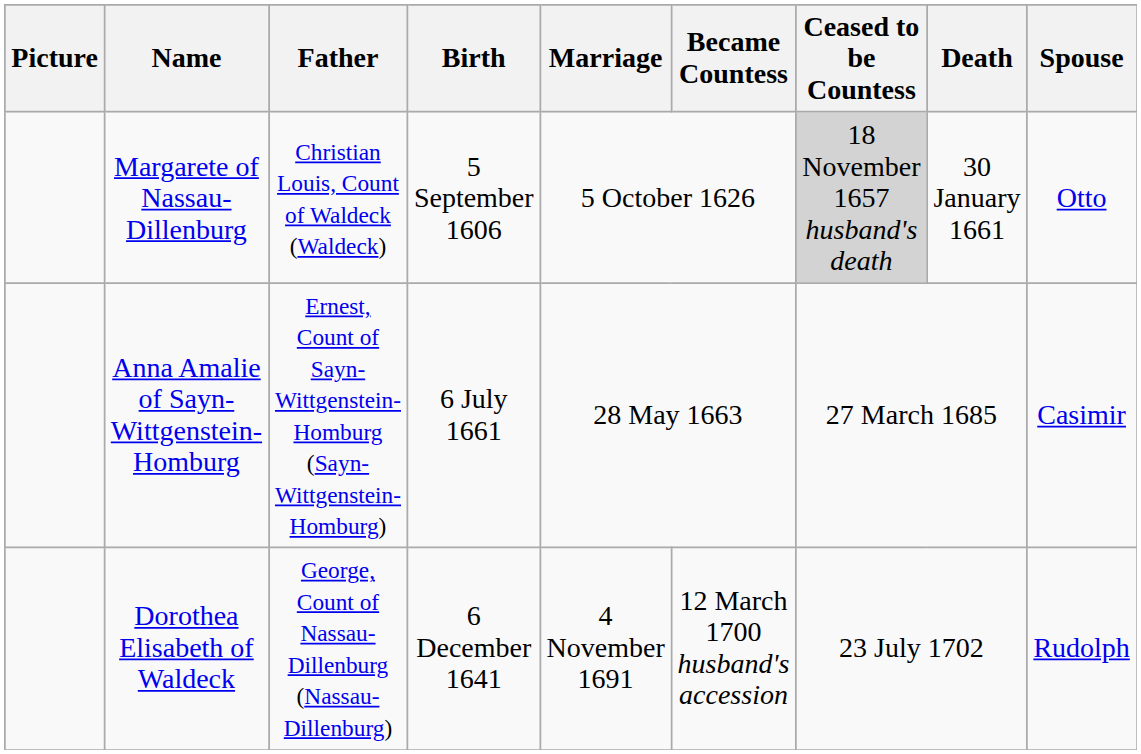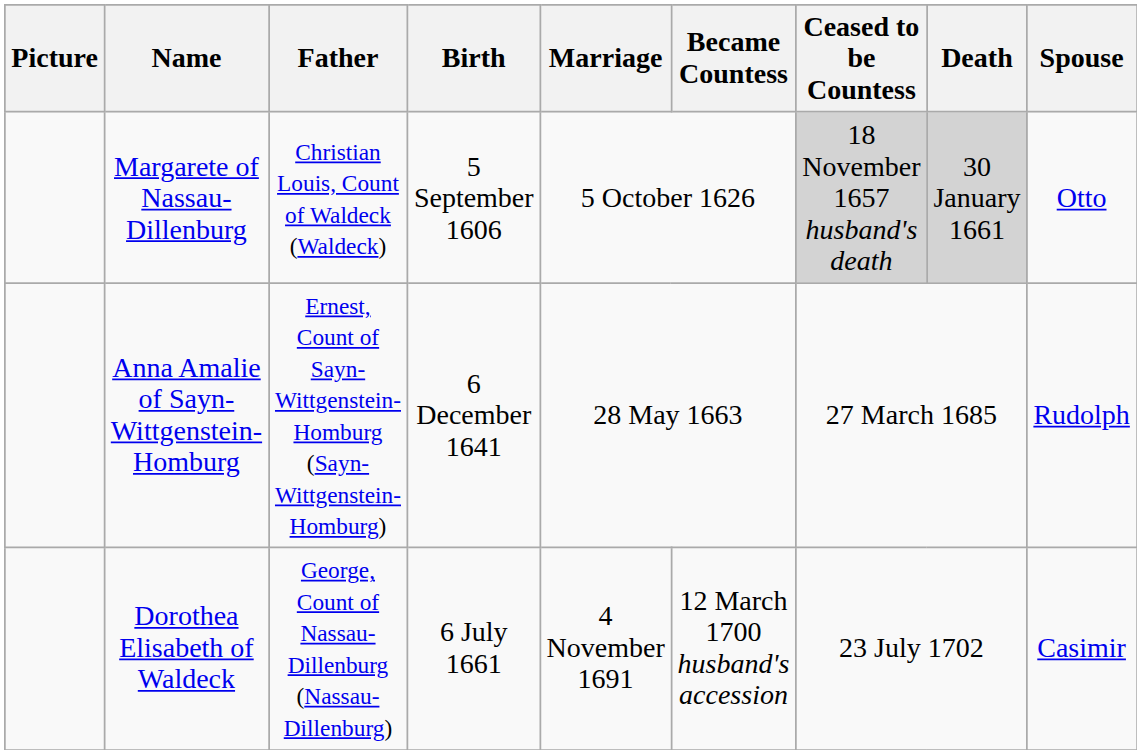 <table width=95% class="wikitable">
 <tr>
 <th width = "6%">Picture</th>
 <th width = "10%">Name</th>
 <th width = "9%">Father</th>
 <th width = "10%">Birth</th>
 <th width = "9%">Marriage</th>
 <th width = "9%">Became Countess</th>
 <th width = "9%">Ceased to be Countess</th>
 <th width = "9%">Death</th>
 <th width = "6%">Spouse</th>
 </tr>
 <tr>
 <td align="center"></td>
 <td align="center"><a href='#'>Margarete of Nassau-Dillenburg</a></td>
 <td align="center"><small><a href='#'>Christian Louis, Count of Waldeck</a><br>(<a href='#'>Waldeck</a>)</small></td>
 <td align="center">5 September 1606</td>
 <td align="center" colspan="2">5 October 1626</td>
 <td align="center" style="background: lightgrey;">18 November 1657<br><em>husband's death</em></td>
-<td align="center">30 January 1661</td>
+<td align="center" style="background: lightgrey;">30 January 1661</td>
 <td align="center"><a href='#'>Otto</a></td>
 </tr>
 <tr>
 <td align="center"></td>
 <td align="center"><a href='#'>Anna Amalie of Sayn-Wittgenstein-Homburg</a></td>
 <td align="center"><small><a href='#'>Ernest, Count of Sayn-Wittgenstein-Homburg</a><br>(<a href='#'>Sayn-Wittgenstein-Homburg</a>)</small></td>
-<td align="center">6 July 1661</td>
+<td align="center">6 December 1641</td>
 <td align="center" colspan="2">28 May 1663</td>
 <td align="center" colspan="2">27 March 1685</td>
-<td align="center"><a href='#'>Casimir</a></td>
+<td align="center"><a href='#'>Rudolph</a></td>
 </tr>
 <tr>
 <td align="center"></td>
 <td align="center"><a href='#'>Dorothea Elisabeth of Waldeck</a></td>
 <td align="center"><small><a href='#'>George, Count of Nassau-Dillenburg</a><br>(<a href='#'>Nassau-Dillenburg</a>)</small></td>
-<td align="center">6 December 1641</td>
+<td align="center">6 July 1661</td>
 <td align="center">4 November 1691</td>
 <td align="center">12 March 1700<br><em>husband's accession</em></td>
 <td align="center" colspan="2">23 July 1702</td>
-<td align="center"><a href='#'>Rudolph</a></td>
+<td align="center"><a href='#'>Casimir</a></td>
 </tr>
 <tr>
 </tr>
 </table>
